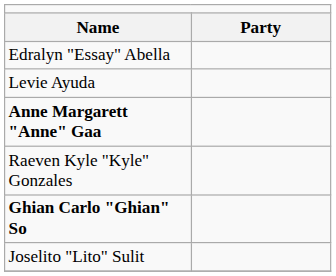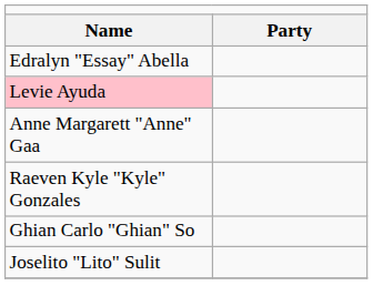 <table class=wikitable style="font-size:90%">
 <tr>
 <td colspan=4 bgcolor=></td>
 </tr>
 <tr>
 <th width=150px>Name</th>
 <th colspan=2 width=110px>Party</th>
 </tr>
 <tr>
 <td>Edralyn "Essay" Abella</td>
 <td></td>
 </tr>
 <tr>
-<td>Levie Ayuda</td>
+<td style="background: pink;">Levie Ayuda</td>
 <td></td>
 </tr>
 <tr>
-<td><strong>Anne Margarett "Anne" Gaa</strong></td>
+<td>Anne Margarett "Anne" Gaa</td>
 <td></td>
 </tr>
 <tr>
 <td>Raeven Kyle "Kyle" Gonzales</td>
 <td></td>
 </tr>
 <tr>
-<td><strong>Ghian Carlo "Ghian" So</strong></td>
+<td>Ghian Carlo "Ghian" So</td>
 <td></td>
 </tr>
 <tr>
 <td>Joselito "Lito" Sulit</td>
 <td></td>
 </tr>
 <tr>
 </tr>
 </table>
